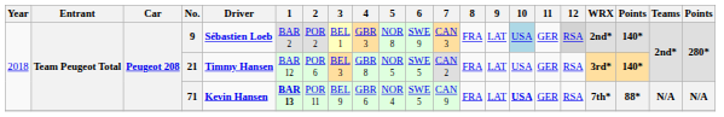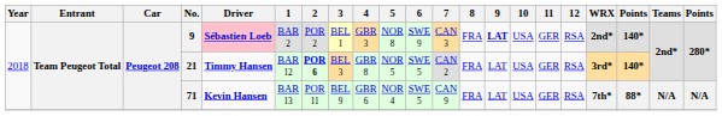 <table class="wikitable" border="1" style="text-align:center; font-size:90%;">
 <tr valign="top">
 <th>Year</th>
 <th>Entrant</th>
 <th>Car</th>
 <th>No.</th>
 <th>Driver</th>
 <th>1</th>
 <th>2</th>
 <th>3</th>
 <th>4</th>
 <th>5</th>
 <th>6</th>
 <th>7</th>
 <th>8</th>
 <th>9</th>
 <th>10</th>
 <th>11</th>
 <th>12</th>
 <th>WRX</th>
 <th>Points</th>
 <th>Teams</th>
 <th>Points</th>
 </tr>
 <tr>
 <td rowspan=3><a href='#'>2018</a></td>
 <th rowspan=3 align="left">Team Peugeot Total</th>
 <th rowspan=3><a href='#'>Peugeot 208</a></th>
 <th>9</th>
-<td align="left"> <strong><a href='#'>Sébastien Loeb</a></strong></td>
+<td align="left" style="background: pink;"> <strong><a href='#'>Sébastien Loeb</a></strong></td>
 <td style="background:#DFDFDF;"><a href='#'>BAR</a><br><small>2</small></td>
 <td style="background:#DFDFDF;"><a href='#'>POR</a><br><small>2</small></td>
 <td style="background:#FFFFBF;"><a href='#'>BEL</a><br><small>1</small></td>
 <td style="background:#FFDF9F;"><a href='#'>GBR</a><br><small>3</small></td>
 <td style="background:#DFFFDF;"><a href='#'>NOR</a><br><small>8</small></td>
 <td style="background:#DFFFDF;"><a href='#'>SWE</a><br><small>9</small></td>
 <td style="background:#FFDF9F;"><a href='#'>CAN</a><br><small>3</small></td>
 <td><a href='#'>FRA</a><br><small></small></td>
-<td><a href='#'>LAT</a><br><small></small></td>
-<td style="background: lightblue;"><a href='#'>USA</a><br><small></small></td>
+<td><strong><a href='#'>LAT</a><br><small></small></strong></td>
+<td><a href='#'>USA</a><br><small></small></td>
 <td><a href='#'>GER</a><br><small></small></td>
-<td style="background: lightgrey;"><a href='#'>RSA</a><br><small></small></td>
+<td><a href='#'>RSA</a><br><small></small></td>
 <th style="background:#DFDFDF;">2nd*</th>
 <th style="background:#DFDFDF;">140*</th>
 <th style="background:#DFDFDF;"  rowspan=2>2nd*</th>
 <th style="background:#DFDFDF;"   rowspan=2>280*</th>
 </tr>
 <tr>
 <th>21</th>
 <td align="left"> <strong><a href='#'>Timmy Hansen</a></strong></td>
 <td style="background:#DFFFDF;"><a href='#'>BAR</a><br><small>12</small></td>
-<td style="background:#DFFFDF;"><a href='#'>POR</a><br><small>6</small></td>
+<td style="background:#DFFFDF;"><strong><a href='#'>POR</a><br><small>6</small></strong></td>
 <td style="background:#FFDF9F;"><a href='#'>BEL</a><br><small>3</small></td>
 <td style="background:#DFFFDF;"><a href='#'>GBR</a><br><small>8</small></td>
 <td style="background:#DFFFDF;"><a href='#'>NOR</a><br><small>5</small></td>
 <td style="background:#DFFFDF;"><a href='#'>SWE</a><br><small>5</small></td>
 <td style="background:#DFDFDF;"><a href='#'>CAN</a><br><small>2</small></td>
 <td><a href='#'>FRA</a><br><small></small></td>
 <td><a href='#'>LAT</a><br><small></small></td>
 <td><a href='#'>USA</a><br><small></small></td>
 <td><a href='#'>GER</a><br><small></small></td>
 <td><a href='#'>RSA</a><br><small></small></td>
 <th style="background:#FFDF9F;">3rd*</th>
 <th style="background:#FFDF9F;">140*</th>
 </tr>
 <tr>
 <th>71</th>
 <td align="left"> <strong><a href='#'>Kevin Hansen</a></strong></td>
-<td style="background:#DFFFDF;"><strong><a href='#'>BAR</a><br><small>13</small></strong></td>
+<td style="background:#DFFFDF;"><a href='#'>BAR</a><br><small>13</small></td>
 <td style="background:#DFFFDF;"><a href='#'>POR</a><br><small>11</small></td>
 <td style="background:#DFFFDF;"><a href='#'>BEL</a><br><small>9</small></td>
 <td style="background:#DFFFDF;"><a href='#'>GBR</a><br><small>6</small></td>
 <td style="background:#DFFFDF;"><a href='#'>NOR</a><br><small>4</small></td>
 <td style="background:#DFFFDF;"><a href='#'>SWE</a><br><small>5</small></td>
 <td style="background:#DFFFDF;"><a href='#'>CAN</a><br><small>9</small></td>
 <td><a href='#'>FRA</a><br><small></small></td>
 <td><a href='#'>LAT</a><br><small></small></td>
-<td><strong><a href='#'>USA</a><br><small></small></strong></td>
+<td><a href='#'>USA</a><br><small></small></td>
 <td><a href='#'>GER</a><br><small></small></td>
 <td><a href='#'>RSA</a><br><small></small></td>
 <th>7th*</th>
 <th>88*</th>
 <th>N/A</th>
 <th>N/A</th>
 </tr>
 <tr>
 </tr>
 </table>
